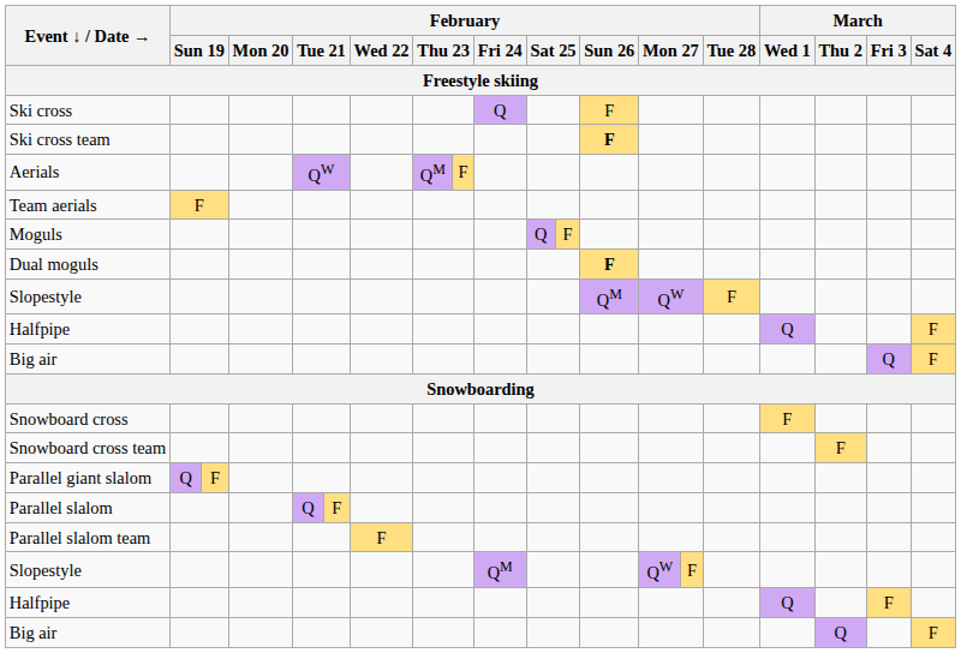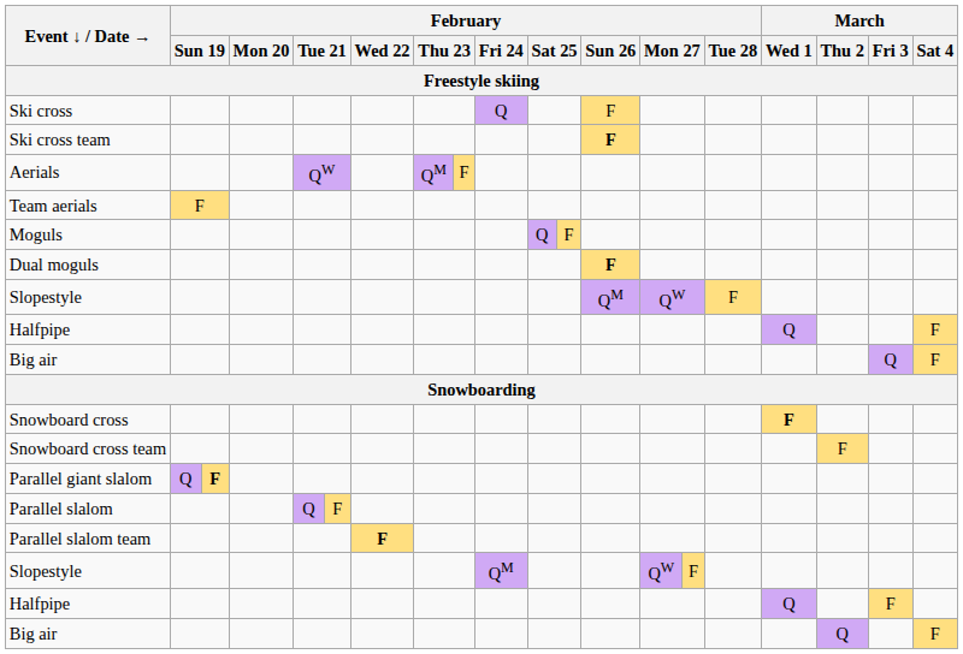 <table class="wikitable" style="margin:1em auto; font-size:90%; line-height:1.25em; text-align:center">
 <tr>
 <th rowspan=2>Event ↓ / Date →</th>
 <th colspan=15>February</th>
 <th colspan=4>March</th>
 </tr>
 <tr>
 <th colspan=2>Sun 19</th>
 <th>Mon 20</th>
 <th colspan=2>Tue 21</th>
 <th>Wed 22</th>
 <th colspan=2>Thu 23</th>
 <th>Fri 24</th>
 <th colspan=2>Sat 25</th>
 <th>Sun 26</th>
 <th colspan=2>Mon 27</th>
 <th>Tue 28</th>
 <th>Wed 1</th>
 <th>Thu 2</th>
 <th>Fri 3</th>
 <th>Sat 4</th>
 </tr>
 <tr>
 <th colspan=20>Freestyle skiing</th>
 </tr>
 <tr>
 <td style="text-align:left">Ski cross</td>
 <td colspan=2></td>
 <td></td>
 <td colspan=2></td>
 <td></td>
 <td colspan=2></td>
 <td style="background-color:#D0A9F5">Q</td>
 <td colspan=2></td>
 <td style="background-color:#FFDF80">F</td>
 <td colspan=2></td>
 <td></td>
 <td></td>
 <td></td>
 <td></td>
 <td></td>
 </tr>
 <tr>
 <td style="text-align:left">Ski cross team</td>
 <td colspan=2></td>
 <td></td>
 <td colspan=2></td>
 <td></td>
 <td colspan=2></td>
 <td></td>
 <td colspan=2></td>
 <td style="background-color:#FFDF80"><strong>F</strong></td>
 <td colspan=2></td>
 <td></td>
 <td></td>
 <td></td>
 <td></td>
 <td></td>
 </tr>
 <tr>
 <td style="text-align:left">Aerials</td>
 <td colspan=2></td>
 <td></td>
 <td colspan=2 style="background-color:#D0A9F5">Q<sup>W</sup></td>
 <td></td>
 <td style="background-color:#D0A9F5">Q<sup>M</sup></td>
 <td style="background-color:#FFDF80">F</td>
 <td></td>
 <td colspan=2></td>
 <td></td>
 <td colspan=2></td>
 <td></td>
 <td></td>
 <td></td>
 <td></td>
 <td></td>
 </tr>
 <tr>
 <td style="text-align:left">Team aerials</td>
 <td colspan=2 style="background-color:#FFDF80">F</td>
 <td></td>
 <td colspan=2></td>
 <td></td>
 <td colspan=2></td>
 <td></td>
 <td colspan=2></td>
 <td></td>
 <td colspan=2></td>
 <td></td>
 <td></td>
 <td></td>
 <td></td>
 <td></td>
 </tr>
 <tr>
 <td style="text-align:left">Moguls</td>
 <td colspan=2></td>
 <td></td>
 <td colspan=2></td>
 <td></td>
 <td colspan=2></td>
 <td></td>
 <td style="background-color:#D0A9F5">Q</td>
 <td style="background-color:#FFDF80">F</td>
 <td></td>
 <td colspan=2></td>
 <td></td>
 <td></td>
 <td></td>
 <td></td>
 <td></td>
 </tr>
 <tr>
 <td style="text-align:left">Dual moguls</td>
 <td colspan=2></td>
 <td></td>
 <td colspan=2></td>
 <td></td>
 <td colspan=2></td>
 <td></td>
 <td colspan=2></td>
 <td style="background-color:#FFDF80"><strong>F</strong></td>
 <td colspan=2></td>
 <td></td>
 <td></td>
 <td></td>
 <td></td>
 <td></td>
 </tr>
 <tr>
 <td style="text-align:left">Slopestyle</td>
 <td colspan=2></td>
 <td></td>
 <td colspan=2></td>
 <td></td>
 <td colspan=2></td>
 <td></td>
 <td colspan=2></td>
 <td style="background-color:#D0A9F5">Q<sup>M</sup></td>
 <td colspan=2 style="background-color:#D0A9F5">Q<sup>W</sup></td>
 <td style="background-color:#FFDF80">F</td>
 <td></td>
 <td></td>
 <td></td>
 <td></td>
 </tr>
 <tr>
 <td style="text-align:left">Halfpipe</td>
 <td colspan=2></td>
 <td></td>
 <td colspan=2></td>
 <td></td>
 <td colspan=2></td>
 <td></td>
 <td colspan=2></td>
 <td></td>
 <td colspan=2></td>
 <td></td>
 <td style="background-color:#D0A9F5">Q</td>
 <td></td>
 <td></td>
 <td style="background-color:#FFDF80">F</td>
 </tr>
 <tr>
 <td style="text-align:left">Big air</td>
 <td colspan=2></td>
 <td></td>
 <td colspan=2></td>
 <td></td>
 <td colspan=2></td>
 <td></td>
 <td colspan=2></td>
 <td></td>
 <td colspan=2></td>
 <td></td>
 <td></td>
 <td></td>
 <td style="background-color:#D0A9F5">Q</td>
 <td style="background-color:#FFDF80">F</td>
 </tr>
 <tr>
 <th colspan=20>Snowboarding</th>
 </tr>
 <tr>
 <td style="text-align:left">Snowboard cross</td>
 <td colspan=2></td>
 <td></td>
 <td colspan=2></td>
 <td></td>
 <td colspan=2></td>
 <td></td>
 <td colspan=2></td>
 <td></td>
 <td colspan=2></td>
 <td></td>
-<td style="background-color:#FFDF80">F</td>
+<td style="background-color:#FFDF80"><strong>F</strong></td>
 <td></td>
 <td></td>
 <td></td>
 </tr>
 <tr>
 <td style="text-align:left">Snowboard cross team</td>
 <td colspan=2></td>
 <td></td>
 <td colspan=2></td>
 <td></td>
 <td colspan=2></td>
 <td></td>
 <td colspan=2></td>
 <td></td>
 <td colspan=2></td>
 <td></td>
 <td></td>
 <td style="background-color:#FFDF80">F</td>
 <td></td>
 <td></td>
 </tr>
 <tr>
 <td style="text-align:left">Parallel giant slalom</td>
 <td style="background-color:#D0A9F5">Q</td>
-<td style="background-color:#FFDF80">F</td>
+<td style="background-color:#FFDF80"><strong>F</strong></td>
 <td></td>
 <td colspan=2></td>
 <td></td>
 <td colspan=2></td>
 <td></td>
 <td colspan=2></td>
 <td></td>
 <td colspan=2></td>
 <td></td>
 <td></td>
 <td></td>
 <td></td>
 <td></td>
 </tr>
 <tr>
 <td style="text-align:left">Parallel slalom</td>
 <td colspan=2></td>
 <td></td>
 <td style="background-color:#D0A9F5">Q</td>
 <td style="background-color:#FFDF80">F</td>
 <td></td>
 <td colspan=2></td>
 <td></td>
 <td colspan=2></td>
 <td></td>
 <td colspan=2></td>
 <td></td>
 <td></td>
 <td></td>
 <td></td>
 <td></td>
 </tr>
 <tr>
 <td style="text-align:left">Parallel slalom team</td>
 <td colspan=2></td>
 <td></td>
 <td colspan=2></td>
-<td style="background-color:#FFDF80">F</td>
+<td style="background-color:#FFDF80"><strong>F</strong></td>
 <td colspan=2></td>
 <td></td>
 <td colspan=2></td>
 <td></td>
 <td colspan=2></td>
 <td></td>
 <td></td>
 <td></td>
 <td></td>
 <td></td>
 </tr>
 <tr>
 <td style="text-align:left">Slopestyle</td>
 <td colspan=2></td>
 <td></td>
 <td colspan=2></td>
 <td></td>
 <td colspan=2></td>
 <td style="background-color:#D0A9F5">Q<sup>M</sup></td>
 <td colspan=2></td>
 <td></td>
 <td style="background-color:#D0A9F5">Q<sup>W</sup></td>
 <td style="background-color:#FFDF80">F</td>
 <td></td>
 <td></td>
 <td></td>
 <td></td>
 <td></td>
 </tr>
 <tr>
 <td style="text-align:left">Halfpipe</td>
 <td colspan=2></td>
 <td></td>
 <td colspan=2></td>
 <td></td>
 <td colspan=2></td>
 <td></td>
 <td colspan=2></td>
 <td></td>
 <td colspan=2></td>
 <td></td>
 <td style="background-color:#D0A9F5">Q</td>
 <td></td>
 <td style="background-color:#FFDF80">F</td>
 <td></td>
 </tr>
 <tr>
 <td style="text-align:left">Big air</td>
 <td colspan=2></td>
 <td></td>
 <td colspan=2></td>
 <td></td>
 <td colspan=2></td>
 <td></td>
 <td colspan=2></td>
 <td></td>
 <td colspan=2></td>
 <td></td>
 <td></td>
 <td style="background-color:#D0A9F5">Q</td>
 <td></td>
 <td style="background-color:#FFDF80">F</td>
 </tr>
 </table>
